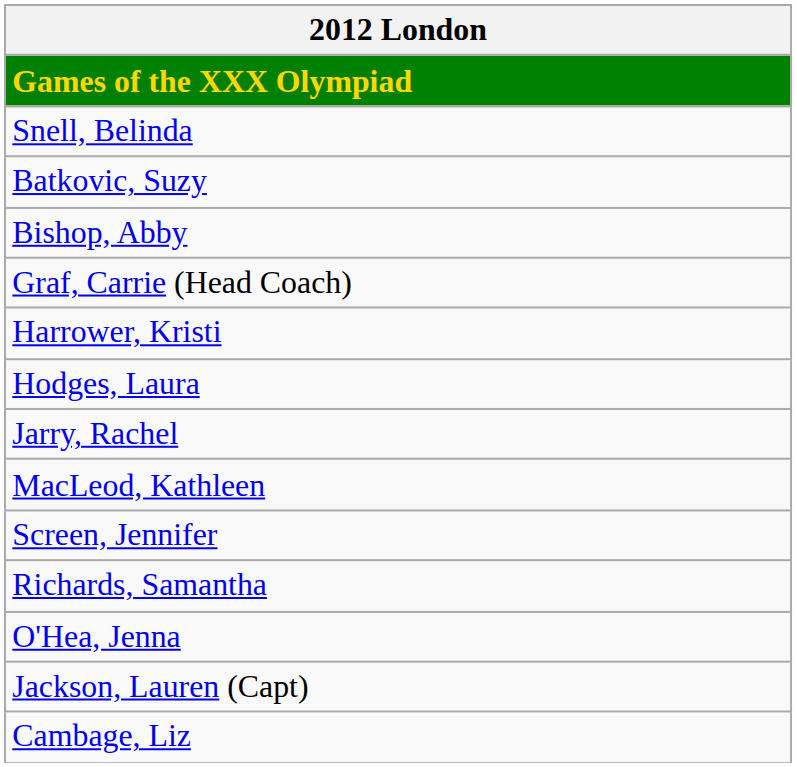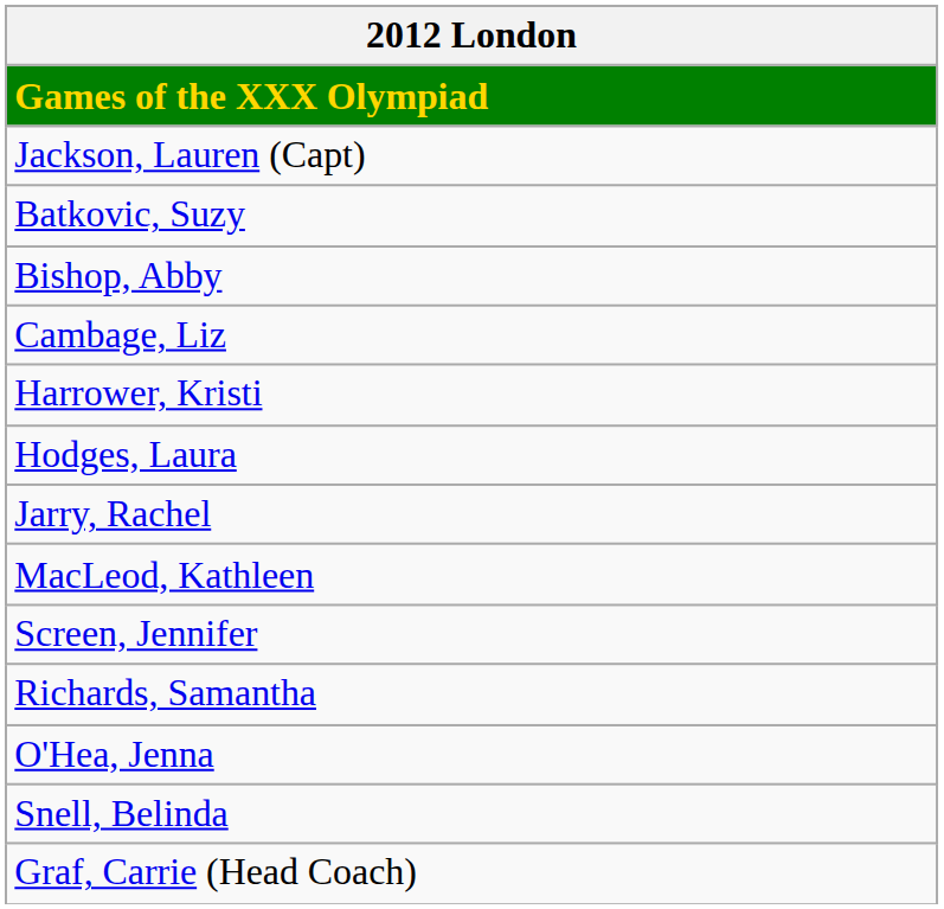 <table class="wikitable collapsible autocollapse" width=25%>
 <tr>
 <th>2012 London</th>
 </tr>
 <tr>
 <td bgcolor=green style="color:gold; width:200px"><strong>Games of the XXX Olympiad</strong></td>
 </tr>
 <tr>
-<td><a href='#'>Snell, Belinda</a></td>
+<td><a href='#'>Jackson, Lauren</a> (Capt)</td>
 </tr>
 <tr>
 <td><a href='#'>Batkovic, Suzy</a></td>
 </tr>
 <tr>
 <td><a href='#'>Bishop, Abby</a></td>
 </tr>
 <tr>
-<td><a href='#'>Graf, Carrie</a> (Head Coach)</td>
+<td><a href='#'>Cambage, Liz</a></td>
 </tr>
 <tr>
 <td><a href='#'>Harrower, Kristi</a></td>
 </tr>
 <tr>
 <td><a href='#'>Hodges, Laura</a></td>
 </tr>
 <tr>
 <td><a href='#'>Jarry, Rachel</a></td>
 </tr>
 <tr>
 <td><a href='#'>MacLeod, Kathleen</a></td>
 </tr>
 <tr>
 <td><a href='#'>Screen, Jennifer</a></td>
 </tr>
 <tr>
 <td><a href='#'>Richards, Samantha</a></td>
 </tr>
 <tr>
 <td><a href='#'>O'Hea, Jenna</a></td>
 </tr>
 <tr>
-<td><a href='#'>Jackson, Lauren</a> (Capt)</td>
+<td><a href='#'>Snell, Belinda</a></td>
 </tr>
 <tr>
-<td><a href='#'>Cambage, Liz</a></td>
+<td><a href='#'>Graf, Carrie</a> (Head Coach)</td>
 </tr>
 </table>
